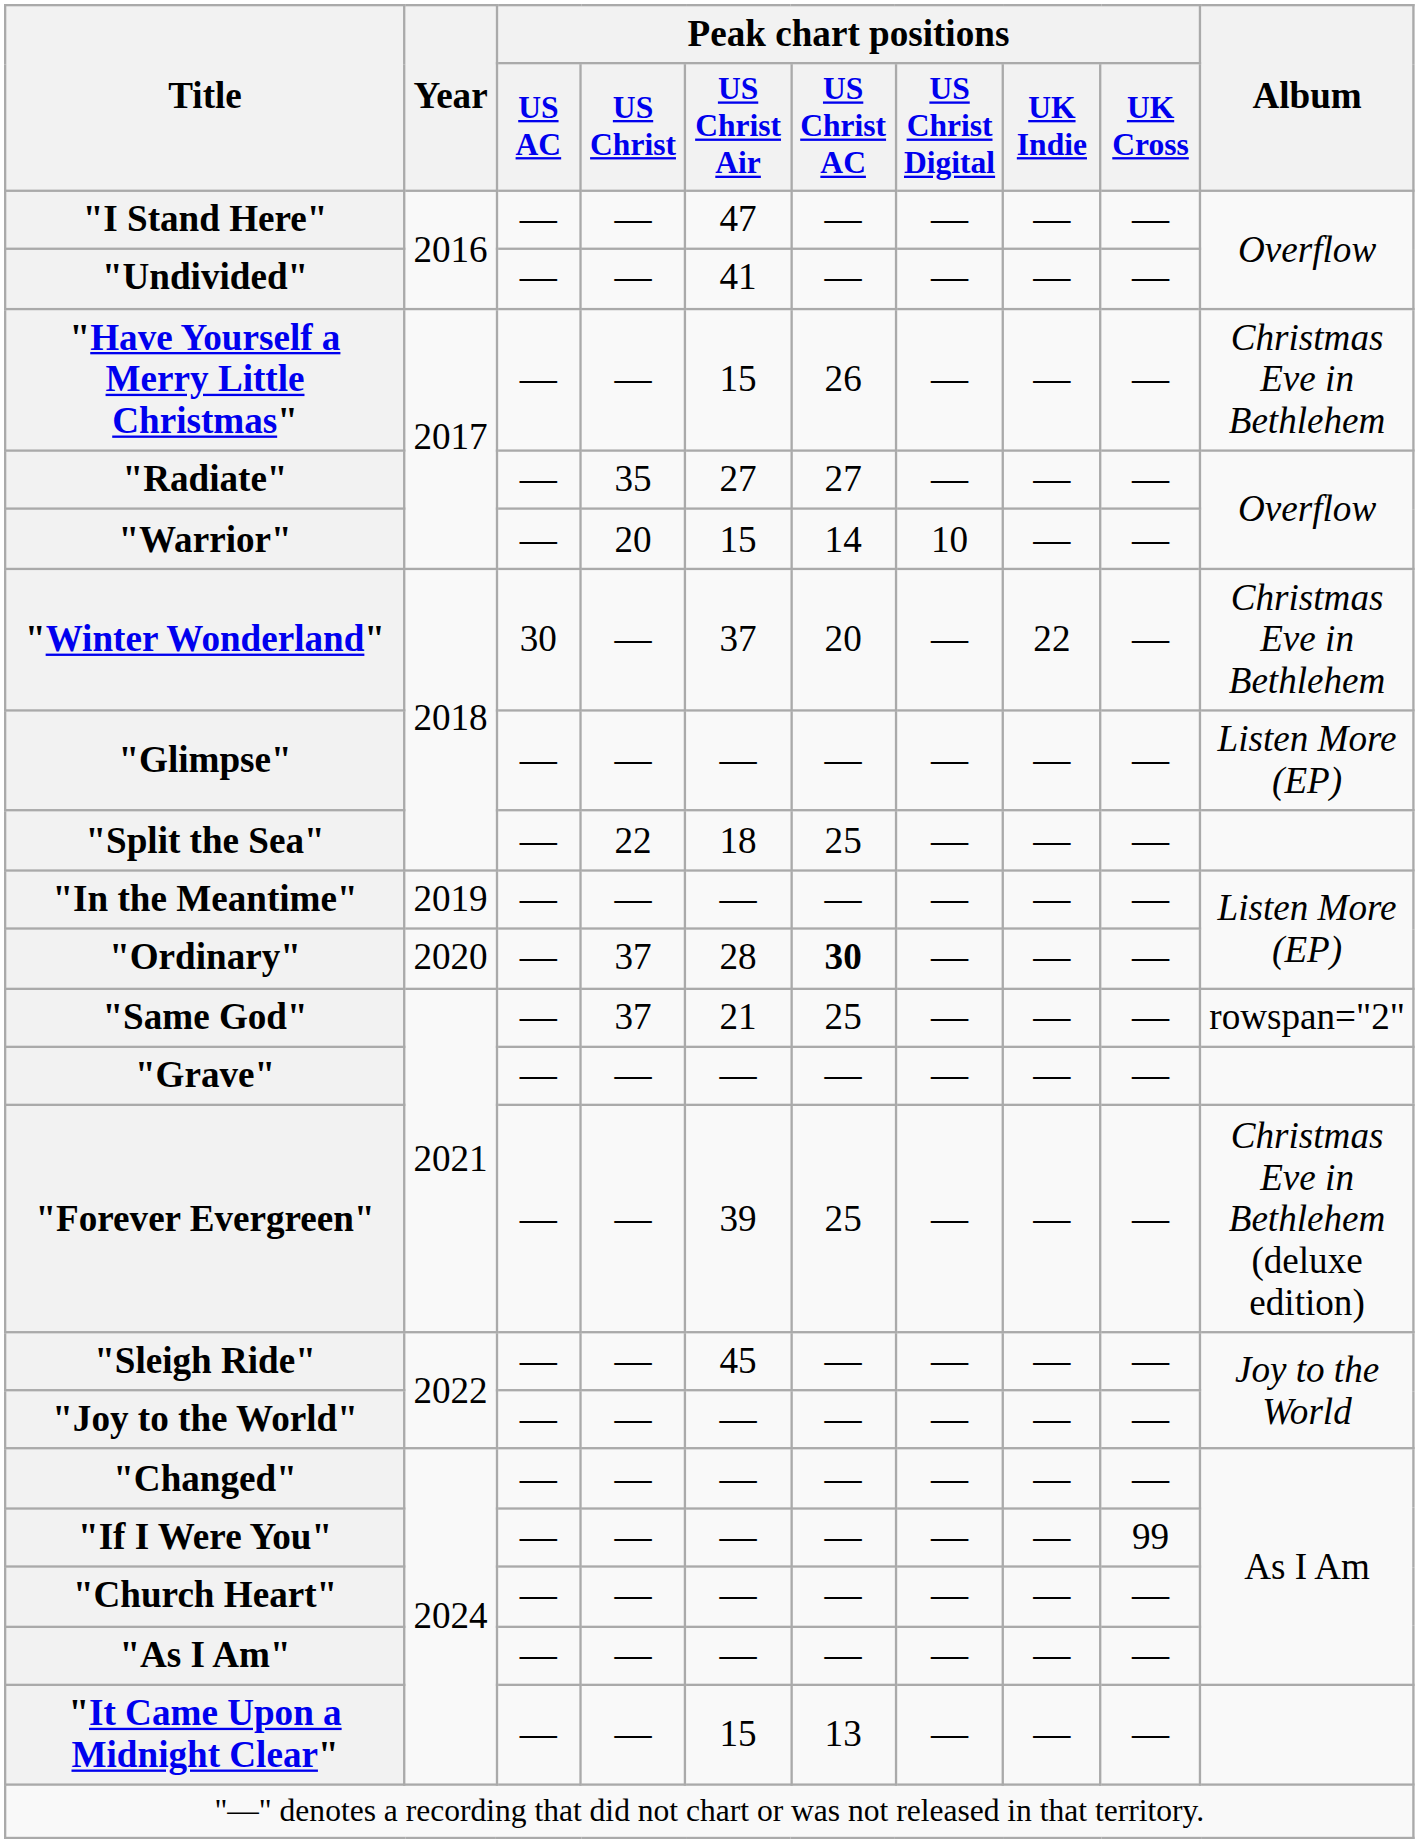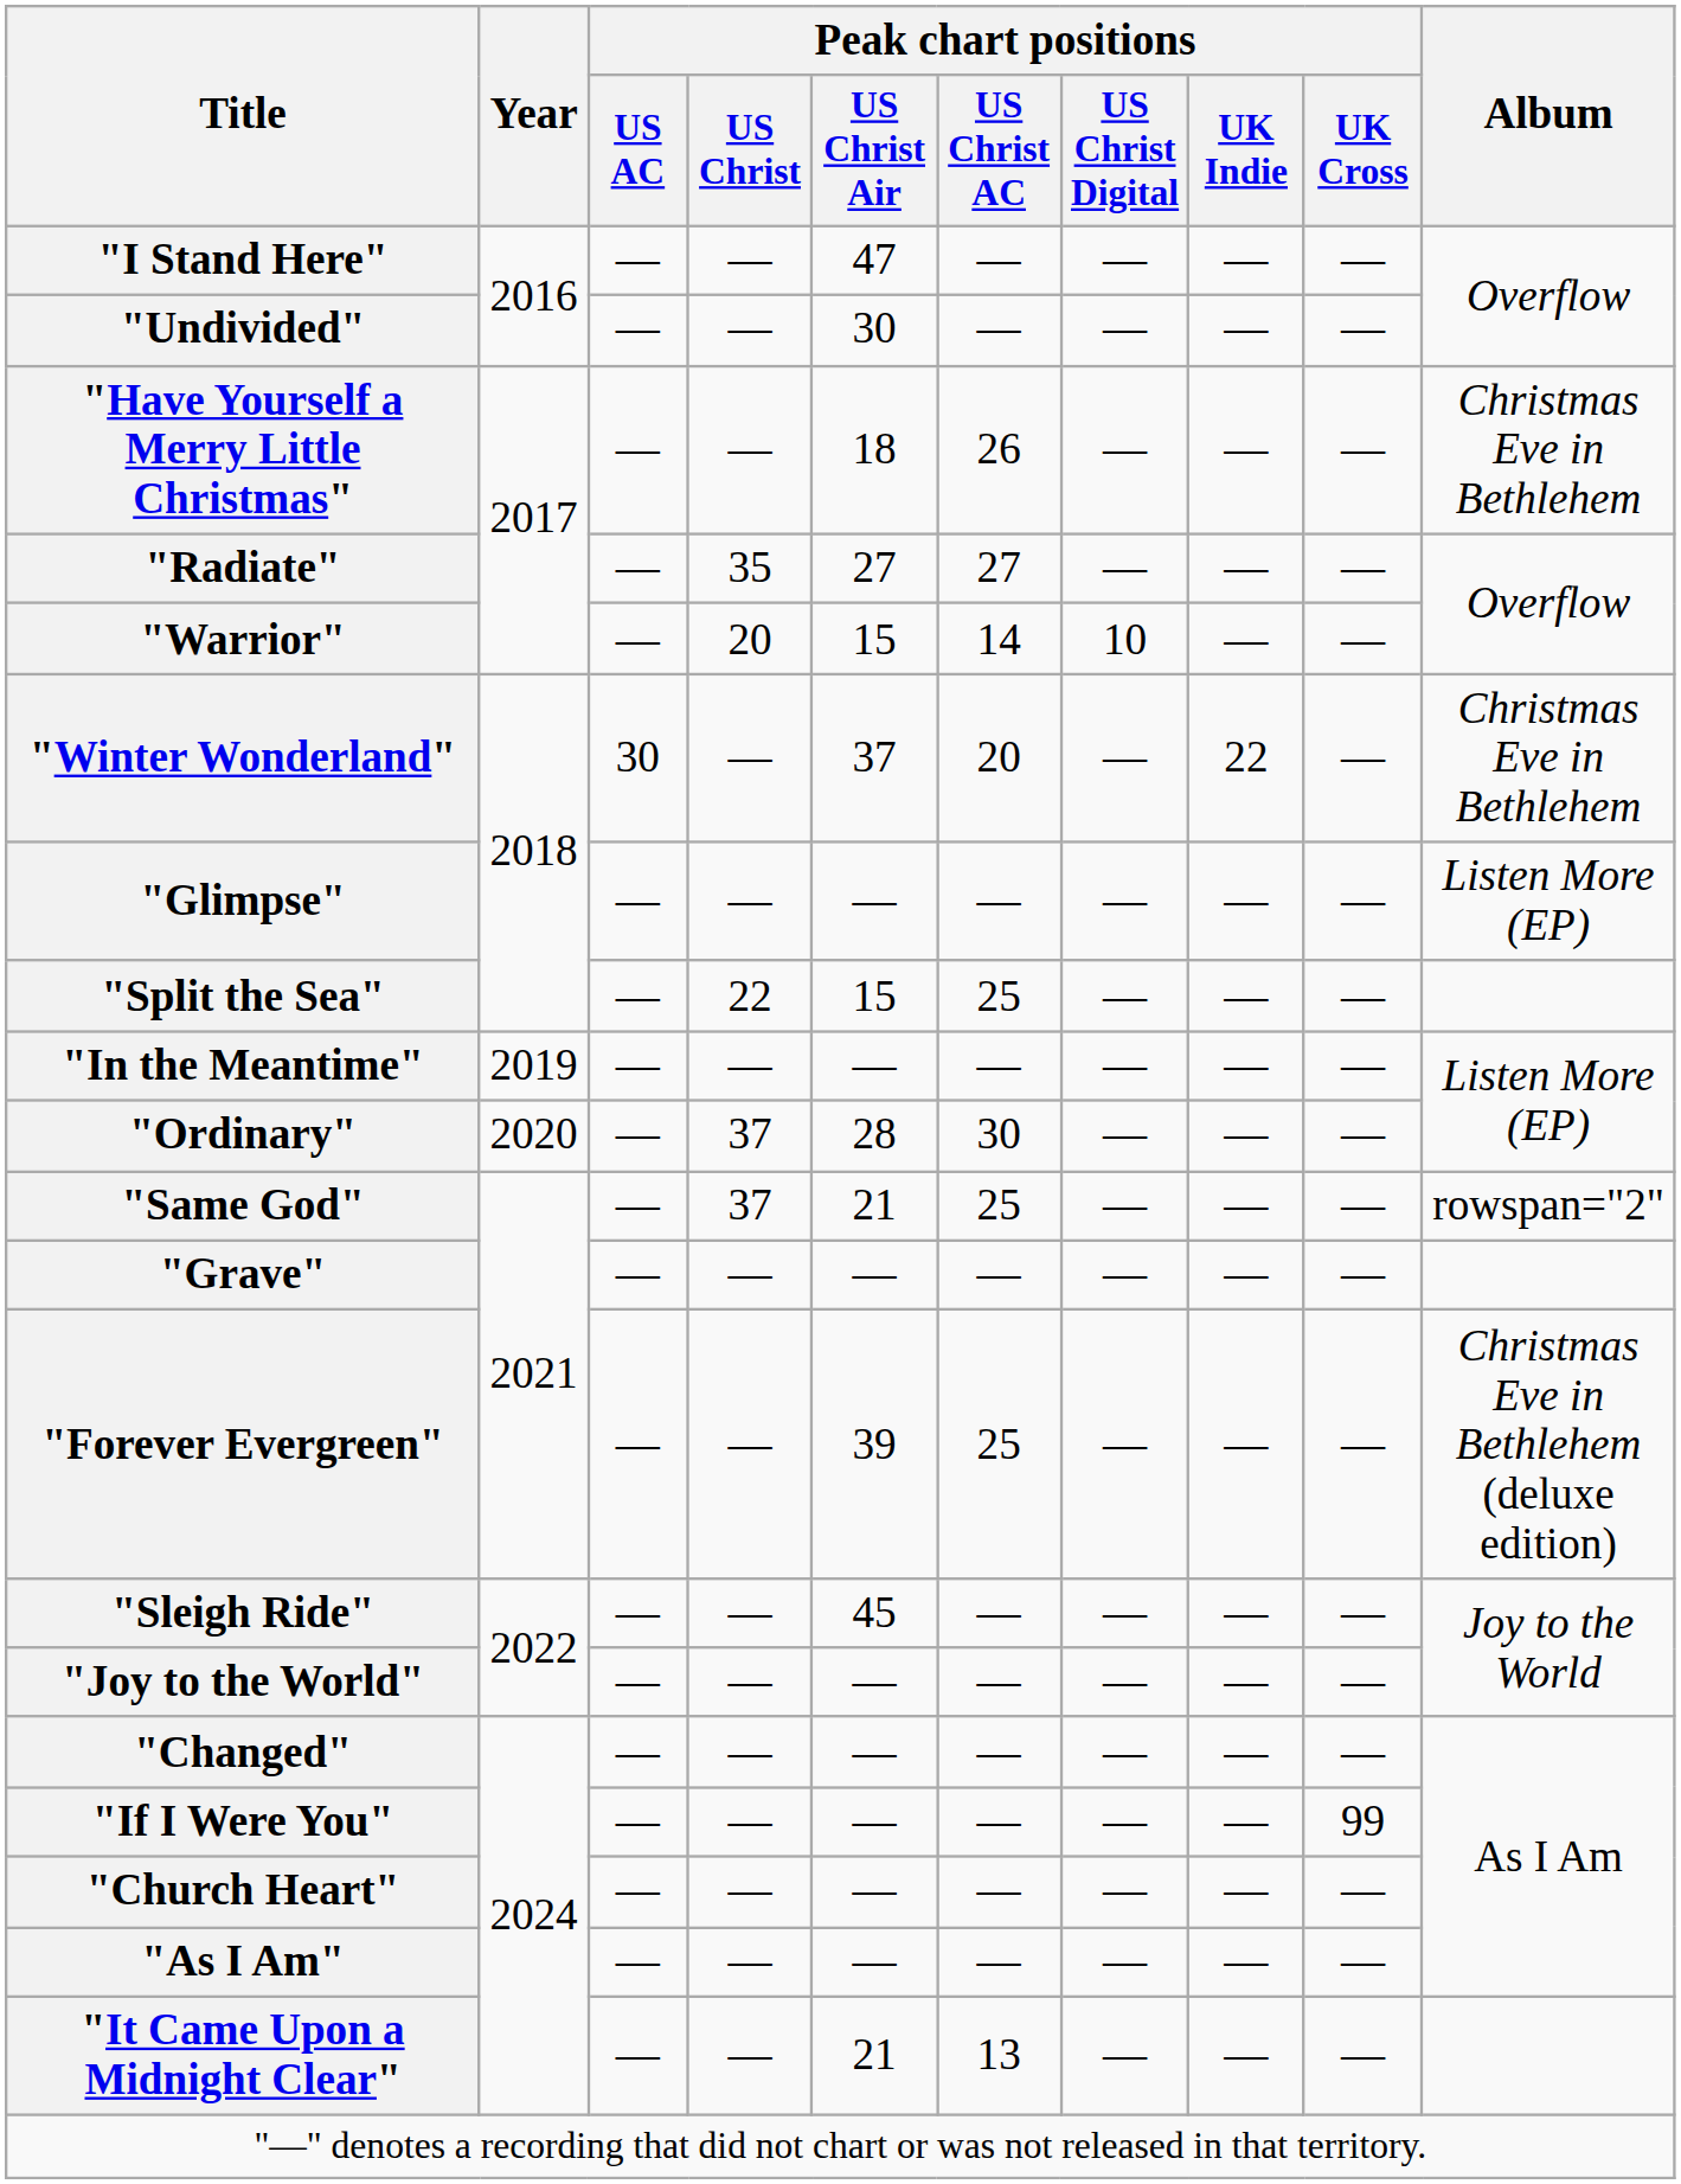 <table class="wikitable plainrowheaders" style="text-align:center;">
 <tr>
 <th rowspan="2" scope="col" style="width:15em;">Title</th>
 <th rowspan="2">Year</th>
 <th colspan="7">Peak chart positions</th>
 <th rowspan="2">Album</th>
 </tr>
 <tr>
 <th scope="col" style="width:3em;font-size:85%;"><a href='#'>US<br>AC</a><br></th>
 <th scope="col" style="width:3em;font-size:85%;"><a href='#'>US<br>Christ</a><br></th>
 <th scope="col" style="width:3em;font-size:85%;"><a href='#'>US<br>Christ<br>Air</a><br></th>
 <th scope="col" style="width:3em;font-size:85%;"><a href='#'>US<br>Christ<br>AC</a><br></th>
 <th scope="col" style="width:3em;font-size:85%;"><a href='#'>US<br>Christ<br>Digital</a><br></th>
 <th scope="col" style="width:3em;font-size:85%;"><a href='#'>UK<br>Indie</a><br></th>
 <th scope="col" style="width:3em;font-size:85%;"><a href='#'>UK<br>Cross</a><br></th>
 </tr>
 <tr>
 <th scope="row">"I Stand Here"</th>
 <td rowspan="2">2016</td>
 <td>—</td>
 <td>—</td>
 <td>47</td>
 <td>—</td>
 <td>—</td>
 <td>—</td>
 <td>—</td>
 <td rowspan="2"><em>Overflow</em></td>
 </tr>
 <tr>
 <th scope="row">"Undivided"</th>
 <td>—</td>
 <td>—</td>
-<td>41</td>
+<td>30</td>
 <td>—</td>
 <td>—</td>
 <td>—</td>
 <td>—</td>
 </tr>
 <tr>
 <th scope="row">"<a href='#'>Have Yourself a Merry Little Christmas</a>"</th>
 <td rowspan="3">2017</td>
 <td>—</td>
 <td>—</td>
-<td>15</td>
+<td>18</td>
 <td>26</td>
 <td>—</td>
 <td>—</td>
 <td>—</td>
 <td><em>Christmas Eve in Bethlehem</em></td>
 </tr>
 <tr>
 <th scope="row">"Radiate"</th>
 <td>—</td>
 <td>35</td>
 <td>27</td>
 <td>27</td>
 <td>—</td>
 <td>—</td>
 <td>—</td>
 <td rowspan="2"><em>Overflow</em></td>
 </tr>
 <tr>
 <th scope="row">"Warrior"</th>
 <td>—</td>
 <td>20</td>
 <td>15</td>
 <td>14</td>
 <td>10</td>
 <td>—</td>
 <td>—</td>
 </tr>
 <tr>
 <th scope="row">"<a href='#'>Winter Wonderland</a>"</th>
 <td rowspan="3">2018</td>
 <td>30</td>
 <td>—</td>
 <td>37</td>
 <td>20</td>
 <td>—</td>
 <td>22</td>
 <td>—</td>
 <td><em>Christmas Eve in Bethlehem</em></td>
 </tr>
 <tr>
 <th scope="row">"Glimpse"</th>
 <td>—</td>
 <td>—</td>
 <td>—</td>
 <td>—</td>
 <td>—</td>
 <td>—</td>
 <td>—</td>
 <td rowspan="1"><em>Listen More (EP)</em></td>
 </tr>
 <tr>
 <th scope="row">"Split the Sea"</th>
 <td>—</td>
 <td>22</td>
-<td>18</td>
+<td>15</td>
 <td>25</td>
 <td>—</td>
 <td>—</td>
 <td>—</td>
 <td></td>
 </tr>
 <tr>
 <th scope="row">"In the Meantime"</th>
 <td>2019</td>
 <td>—</td>
 <td>—</td>
 <td>—</td>
 <td>—</td>
 <td>—</td>
 <td>—</td>
 <td>—</td>
 <td rowspan="2"><em>Listen More (EP)</em></td>
 </tr>
 <tr>
 <th scope="row">"Ordinary"</th>
 <td>2020</td>
 <td>—</td>
 <td>37</td>
 <td>28</td>
-<td><strong>30</strong></td>
+<td>30</td>
 <td>—</td>
 <td>—</td>
 <td>—</td>
 </tr>
 <tr>
 <th scope="row">"Same God"</th>
 <td rowspan="3">2021</td>
 <td>—</td>
 <td>37</td>
 <td>21</td>
 <td>25</td>
 <td>—</td>
 <td>—</td>
 <td>—</td>
 <td>rowspan="2" </td>
 </tr>
 <tr>
 <th scope="row">"Grave"</th>
 <td>—</td>
 <td>—</td>
 <td>—</td>
 <td>—</td>
 <td>—</td>
 <td>—</td>
 <td>—</td>
 </tr>
 <tr>
 <th scope="row">"Forever Evergreen"</th>
 <td>—</td>
 <td>—</td>
 <td>39</td>
 <td>25</td>
 <td>—</td>
 <td>—</td>
 <td>—</td>
 <td><em>Christmas Eve in Bethlehem</em><br>(deluxe edition)</td>
 </tr>
 <tr>
 <th scope="row">"Sleigh Ride"</th>
 <td rowspan="2">2022</td>
 <td>—</td>
 <td>—</td>
 <td>45</td>
 <td>—</td>
 <td>—</td>
 <td>—</td>
 <td>—</td>
 <td rowspan="2"><em>Joy to the World</em></td>
 </tr>
 <tr>
 <th scope="row">"Joy to the World"</th>
 <td>—</td>
 <td>—</td>
 <td>—</td>
 <td>—</td>
 <td>—</td>
 <td>—</td>
 <td>—</td>
 </tr>
 <tr>
 <th scope="row">"Changed"</th>
 <td rowspan="5">2024</td>
 <td>—</td>
 <td>—</td>
 <td>—</td>
 <td>—</td>
 <td>—</td>
 <td>—</td>
 <td>—</td>
 <td rowspan="4">As I Am</td>
 </tr>
 <tr>
 <th scope="row">"If I Were You"</th>
 <td>—</td>
 <td>—</td>
 <td>—</td>
 <td>—</td>
 <td>—</td>
 <td>—</td>
 <td>99</td>
 </tr>
 <tr>
 <th scope="row">"Church Heart"</th>
 <td>—</td>
 <td>—</td>
 <td>—</td>
 <td>—</td>
 <td>—</td>
 <td>—</td>
 <td>—</td>
 </tr>
 <tr>
 <th scope="row">"As I Am"</th>
 <td>—</td>
 <td>—</td>
 <td>—</td>
 <td>—</td>
 <td>—</td>
 <td>—</td>
 <td>—</td>
 </tr>
 <tr>
 <th scope="row">"<a href='#'>It Came Upon a Midnight Clear</a>"</th>
 <td>—</td>
 <td>—</td>
-<td>15</td>
+<td>21</td>
 <td>13</td>
 <td>—</td>
 <td>—</td>
 <td>—</td>
 <td></td>
 </tr>
 <tr>
 <td colspan="15" style="font-size:85%">"—" denotes a recording that did not chart or was not released in that territory.</td>
 </tr>
 </table>
